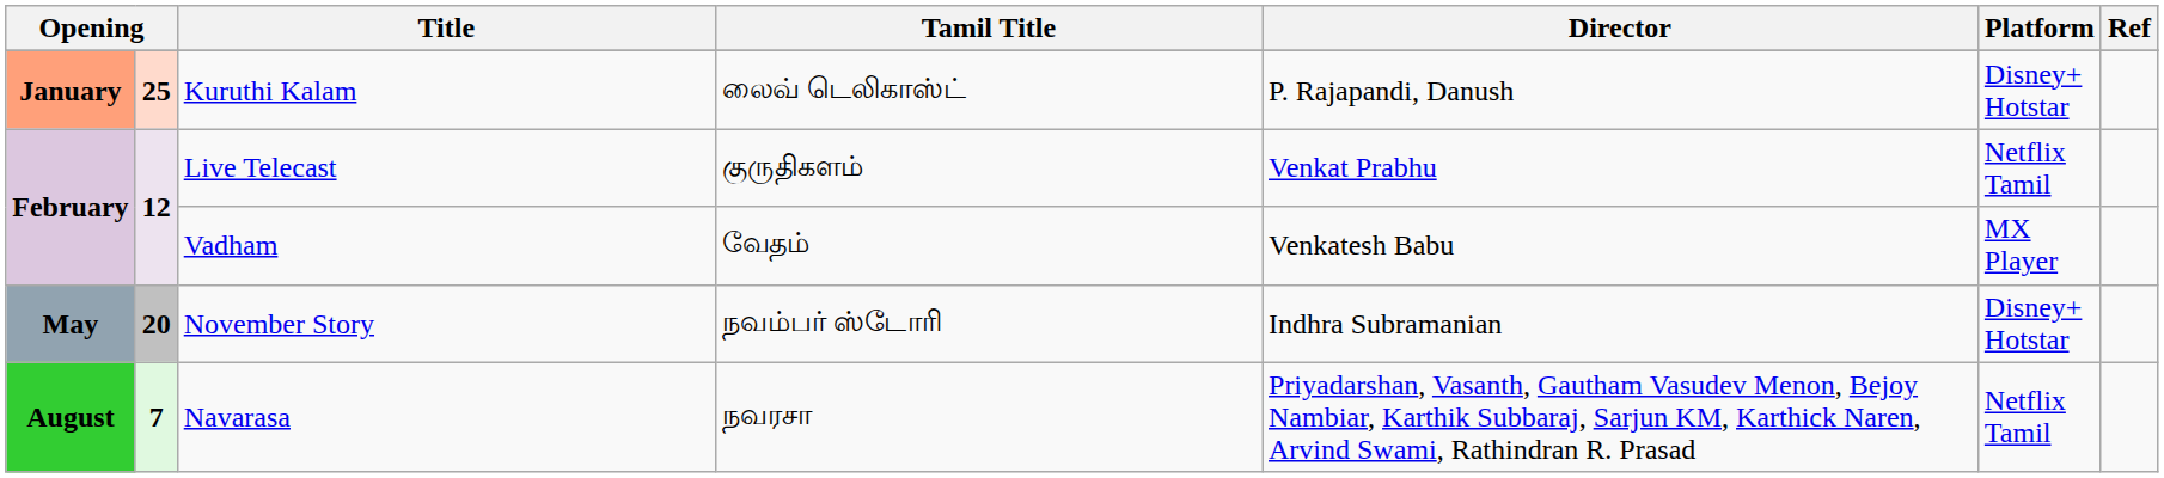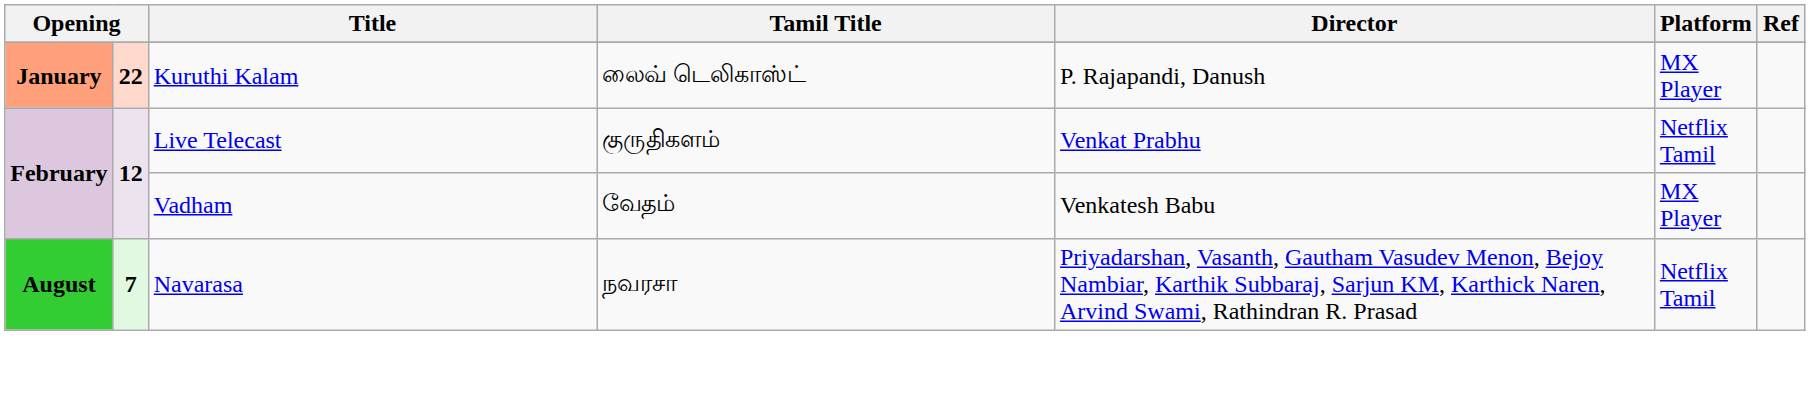 <table class="wikitable" width="95%">
 <tr>
 <th colspan="2">Opening</th>
 <th style="width:30%;">Title</th>
 <th style="width:30%;">Tamil Title</th>
 <th style="width:40%;">Director</th>
 <th style="width:20%;">Platform</th>
 <th>Ref</th>
 </tr>
 <tr>
 </tr>
 <tr>
 <td style="text-align:center; background:#ffa07a; textcolor:#000;"><strong>January</strong></td>
-<td style="text-align:center; background:#ffdacc;"><strong>25</strong></td>
+<td style="text-align:center; background:#ffdacc;"><strong>22</strong></td>
 <td><a href='#'>Kuruthi Kalam</a></td>
 <td>லைவ் டெலிகாஸ்ட்</td>
 <td>P. Rajapandi, Danush</td>
-<td><a href='#'>Disney+ Hotstar</a></td>
+<td><a href='#'>MX Player</a></td>
 <td></td>
 </tr>
 <tr>
 <td rowspan="2" style="text-align:center; background:#dcc7df; textcolor:#000;"><strong>February</strong></td>
 <td rowspan="2" style="text-align:center; background:#ede3ef;"><strong>12</strong></td>
 <td><a href='#'>Live Telecast</a></td>
 <td>குருதிகளம்</td>
 <td><a href='#'>Venkat Prabhu</a></td>
 <td><a href='#'>Netflix Tamil</a></td>
 <td></td>
 </tr>
 <tr>
 <td><a href='#'>Vadham</a></td>
 <td>வேதம்</td>
 <td>Venkatesh Babu</td>
 <td><a href='#'>MX Player</a></td>
 <td></td>
 </tr>
 <tr>
-<td style="text-align:center; background:#91a3b0; textcolor:#000;"><strong>May</strong></td>
-<td style="text-align:center; background:silver;"><strong>20</strong></td>
-<td><a href='#'>November Story</a></td>
-<td>நவம்பர் ஸ்டோரி</td>
-<td>Indhra Subramanian</td>
-<td><a href='#'>Disney+ Hotstar</a></td>
-<td></td>
-</tr>
-<tr>
 <td style="text-align:center; background:#32cd32; textcolor:#000;"><strong>August</strong></td>
 <td style="text-align:center; background:#e0f9e0;"><strong>7</strong></td>
 <td><a href='#'>Navarasa</a></td>
 <td>நவரசா</td>
 <td><a href='#'>Priyadarshan</a>, <a href='#'>Vasanth</a>, <a href='#'>Gautham Vasudev Menon</a>, <a href='#'>Bejoy Nambiar</a>, <a href='#'>Karthik Subbaraj</a>, <a href='#'>Sarjun KM</a>, <a href='#'>Karthick Naren</a>, <a href='#'>Arvind Swami</a>, Rathindran R. Prasad</td>
 <td><a href='#'>Netflix Tamil</a></td>
 <td></td>
 </tr>
 </table>
